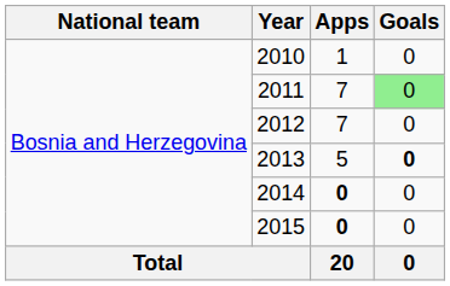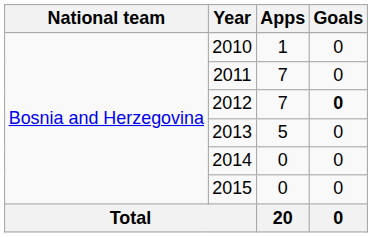 <table class="wikitable" style="text-align: center;">
 <tr>
 <th>National team</th>
 <th>Year</th>
 <th>Apps</th>
 <th>Goals</th>
 </tr>
 <tr>
 <td rowspan="7"><a href='#'>Bosnia and Herzegovina</a></td>
 </tr>
 <tr>
 <td>2010</td>
 <td>1</td>
 <td>0</td>
 </tr>
 <tr>
 <td>2011</td>
 <td>7</td>
-<td style="background: lightgreen;">0</td>
+<td>0</td>
 </tr>
 <tr>
 <td>2012</td>
 <td>7</td>
-<td>0</td>
+<td><strong>0</strong></td>
 </tr>
 <tr>
 <td>2013</td>
 <td>5</td>
-<td><strong>0</strong></td>
+<td>0</td>
 </tr>
 <tr>
 <td>2014</td>
-<td><strong>0</strong></td>
+<td>0</td>
 <td>0</td>
 </tr>
 <tr>
 <td>2015</td>
-<td><strong>0</strong></td>
+<td>0</td>
 <td>0</td>
 </tr>
 <tr>
 <th colspan="2">Total</th>
 <th>20</th>
 <th>0</th>
 </tr>
 </table>
